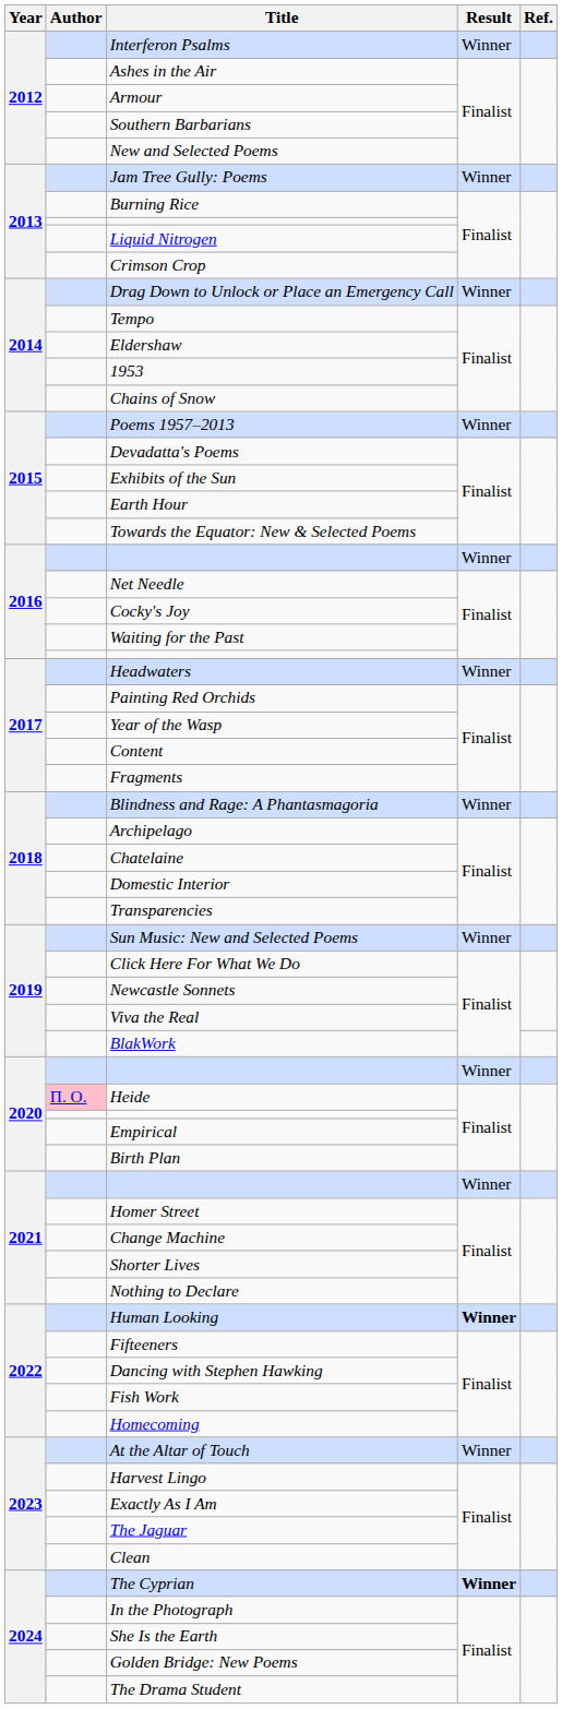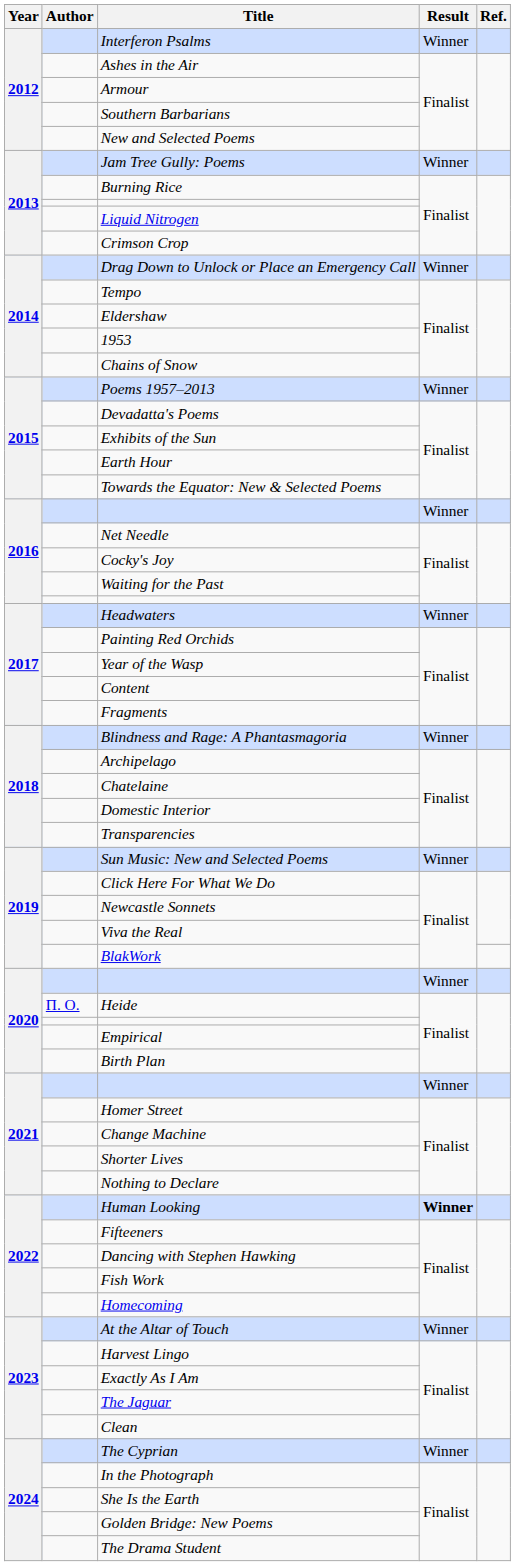 <table class="wikitable sortable mw-collapsible">
 <tr>
 <th>Year</th>
 <th>Author</th>
 <th>Title</th>
 <th>Result</th>
 <th>Ref.</th>
 </tr>
 <tr style="background:#cddeff">
 <th rowspan="5"><a href='#'>2012</a></th>
 <td></td>
 <td><em>Interferon Psalms</em></td>
 <td>Winner</td>
 <td></td>
 </tr>
 <tr>
 <td></td>
 <td><em>Ashes in the Air</em></td>
 <td rowspan="4">Finalist</td>
 <td rowspan="4"></td>
 </tr>
 <tr>
 <td></td>
 <td><em>Armour</em></td>
 </tr>
 <tr>
 <td></td>
 <td><em>Southern Barbarians</em></td>
 </tr>
 <tr>
 <td></td>
 <td><em>New and Selected Poems</em></td>
 </tr>
 <tr style="background:#cddeff">
 <th rowspan="5"><a href='#'>2013</a></th>
 <td></td>
 <td><em>Jam Tree Gully: Poems</em></td>
 <td>Winner</td>
 <td></td>
 </tr>
 <tr>
 <td></td>
 <td><em>Burning Rice</em></td>
 <td rowspan="4">Finalist</td>
 <td rowspan="4"></td>
 </tr>
 <tr>
 <td></td>
 <td><em></em></td>
 </tr>
 <tr>
 <td></td>
 <td><em><a href='#'>Liquid Nitrogen</a></em></td>
 </tr>
 <tr>
 <td></td>
 <td><em>Crimson Crop</em></td>
 </tr>
 <tr style="background:#cddeff">
 <th rowspan="5"><a href='#'>2014</a></th>
 <td></td>
 <td><em>Drag Down to Unlock or Place an Emergency Call</em></td>
 <td>Winner</td>
 <td></td>
 </tr>
 <tr>
 <td></td>
 <td><em>Tempo</em></td>
 <td rowspan="4">Finalist</td>
 <td rowspan="4"></td>
 </tr>
 <tr>
 <td></td>
 <td><em>Eldershaw</em></td>
 </tr>
 <tr>
 <td></td>
 <td><em>1953</em></td>
 </tr>
 <tr>
 <td></td>
 <td><em>Chains of Snow</em></td>
 </tr>
 <tr style="background:#cddeff">
 <th rowspan="5"><a href='#'>2015</a></th>
 <td></td>
 <td><em>Poems 1957–2013</em></td>
 <td>Winner</td>
 <td></td>
 </tr>
 <tr>
 <td></td>
 <td><em>Devadatta's Poems</em></td>
 <td rowspan="4">Finalist</td>
 <td rowspan="4"></td>
 </tr>
 <tr>
 <td></td>
 <td><em>Exhibits of the Sun</em></td>
 </tr>
 <tr>
 <td></td>
 <td><em>Earth Hour</em></td>
 </tr>
 <tr>
 <td></td>
 <td><em>Towards the Equator: New & Selected Poems</em></td>
 </tr>
 <tr style="background:#cddeff">
 <th rowspan="5"><a href='#'>2016</a></th>
 <td></td>
 <td><em></em></td>
 <td>Winner</td>
 <td></td>
 </tr>
 <tr>
 <td></td>
 <td><em>Net Needle</em></td>
 <td rowspan="4">Finalist</td>
 <td rowspan="4"></td>
 </tr>
 <tr>
 <td></td>
 <td><em>Cocky's Joy</em></td>
 </tr>
 <tr>
 <td></td>
 <td><em>Waiting for the Past</em></td>
 </tr>
 <tr>
 <td></td>
 <td><em></em></td>
 </tr>
 <tr style="background:#cddeff">
 <th rowspan="5"><a href='#'>2017</a></th>
 <td></td>
 <td><em>Headwaters</em></td>
 <td>Winner</td>
 <td></td>
 </tr>
 <tr>
 <td></td>
 <td><em>Painting Red Orchids</em></td>
 <td rowspan="4">Finalist</td>
 <td rowspan="4"></td>
 </tr>
 <tr>
 <td></td>
 <td><em>Year of the Wasp</em></td>
 </tr>
 <tr>
 <td></td>
 <td><em>Content</em></td>
 </tr>
 <tr>
 <td></td>
 <td><em>Fragments</em></td>
 </tr>
 <tr style="background:#cddeff">
 <th rowspan="5"><a href='#'>2018</a></th>
 <td></td>
 <td><em>Blindness and Rage: A Phantasmagoria</em></td>
 <td>Winner</td>
 <td></td>
 </tr>
 <tr>
 <td></td>
 <td><em>Archipelago</em></td>
 <td rowspan="4">Finalist</td>
 <td rowspan="4"></td>
 </tr>
 <tr>
 <td></td>
 <td><em>Chatelaine</em></td>
 </tr>
 <tr>
 <td></td>
 <td><em>Domestic Interior</em></td>
 </tr>
 <tr>
 <td></td>
 <td><em>Transparencies</em></td>
 </tr>
 <tr style="background:#cddeff">
 <th rowspan="5"><a href='#'>2019</a></th>
 <td></td>
 <td><em>Sun Music: New and Selected Poems</em></td>
 <td>Winner</td>
 <td><strong></strong></td>
 </tr>
 <tr>
 <td></td>
 <td><em>Click Here For What We Do</em></td>
 <td rowspan="4">Finalist</td>
 <td rowspan="3"></td>
 </tr>
 <tr>
 <td></td>
 <td><em>Newcastle Sonnets</em></td>
 </tr>
 <tr>
 <td></td>
 <td><em>Viva the Real</em></td>
 </tr>
 <tr>
 <td></td>
 <td><em><a href='#'>BlakWork</a></em></td>
 <td></td>
 </tr>
 <tr style="background:#cddeff">
 <th rowspan="5"><a href='#'>2020</a></th>
 <td></td>
 <td><em></em></td>
 <td>Winner</td>
 <td></td>
 </tr>
 <tr>
-<td style="background: pink;"><a href='#'>П. O.</a></td>
+<td><a href='#'>П. O.</a></td>
 <td><em>Heide</em></td>
 <td rowspan="4">Finalist</td>
 <td rowspan="4"></td>
 </tr>
 <tr>
 <td></td>
 <td><em></em></td>
 </tr>
 <tr>
 <td></td>
 <td><em>Empirical</em></td>
 </tr>
 <tr>
 <td></td>
 <td><em>Birth Plan</em></td>
 </tr>
 <tr style="background:#cddeff">
 <th rowspan="5"><a href='#'>2021</a></th>
 <td></td>
 <td><em></em></td>
 <td>Winner</td>
 <td><strong></strong></td>
 </tr>
 <tr>
 <td></td>
 <td><em>Homer Street</em></td>
 <td rowspan="4">Finalist</td>
 <td rowspan="4"></td>
 </tr>
 <tr>
 <td></td>
 <td><em>Change Machine</em></td>
 </tr>
 <tr>
 <td></td>
 <td><em>Shorter Lives</em></td>
 </tr>
 <tr>
 <td></td>
 <td><em>Nothing to Declare</em></td>
 </tr>
 <tr style="background:#cddeff">
 <th rowspan="5"><a href='#'>2022</a></th>
 <td></td>
 <td><em>Human Looking</em></td>
 <td><strong>Winner</strong></td>
 <td><strong></strong></td>
 </tr>
 <tr>
 <td></td>
 <td><em>Fifteeners</em></td>
 <td rowspan="4">Finalist</td>
 <td rowspan="4"></td>
 </tr>
 <tr>
 <td></td>
 <td><em>Dancing with Stephen Hawking</em></td>
 </tr>
 <tr>
 <td></td>
 <td><em>Fish Work</em></td>
 </tr>
 <tr>
 <td></td>
 <td><em><a href='#'>Homecoming</a></em></td>
 </tr>
 <tr style="background:#cddeff">
 <th rowspan="5"><a href='#'>2023</a></th>
 <td></td>
 <td><em>At the Altar of Touch</em></td>
 <td>Winner</td>
 <td></td>
 </tr>
 <tr>
 <td></td>
 <td><em>Harvest Lingo</em></td>
 <td rowspan="4">Finalist</td>
 <td rowspan="4"></td>
 </tr>
 <tr>
 <td></td>
 <td><em>Exactly As I Am</em></td>
 </tr>
 <tr>
 <td></td>
 <td><em><a href='#'>The Jaguar</a></em></td>
 </tr>
 <tr>
 <td></td>
 <td><em>Clean</em></td>
 </tr>
 <tr style="background:#cddeff">
 <th rowspan="5"><a href='#'>2024</a></th>
 <td></td>
 <td><em>The Cyprian</em></td>
-<td><strong>Winner</strong></td>
+<td>Winner</td>
 <td></td>
 </tr>
 <tr>
 <td></td>
 <td><em>In the Photograph</em></td>
 <td rowspan="4">Finalist</td>
 <td rowspan="4"></td>
 </tr>
 <tr>
 <td></td>
 <td><em>She Is the Earth</em></td>
 </tr>
 <tr>
 <td></td>
 <td><em>Golden Bridge: New Poems</em></td>
 </tr>
 <tr>
 <td></td>
 <td><em>The Drama Student</em></td>
 </tr>
 </table>
